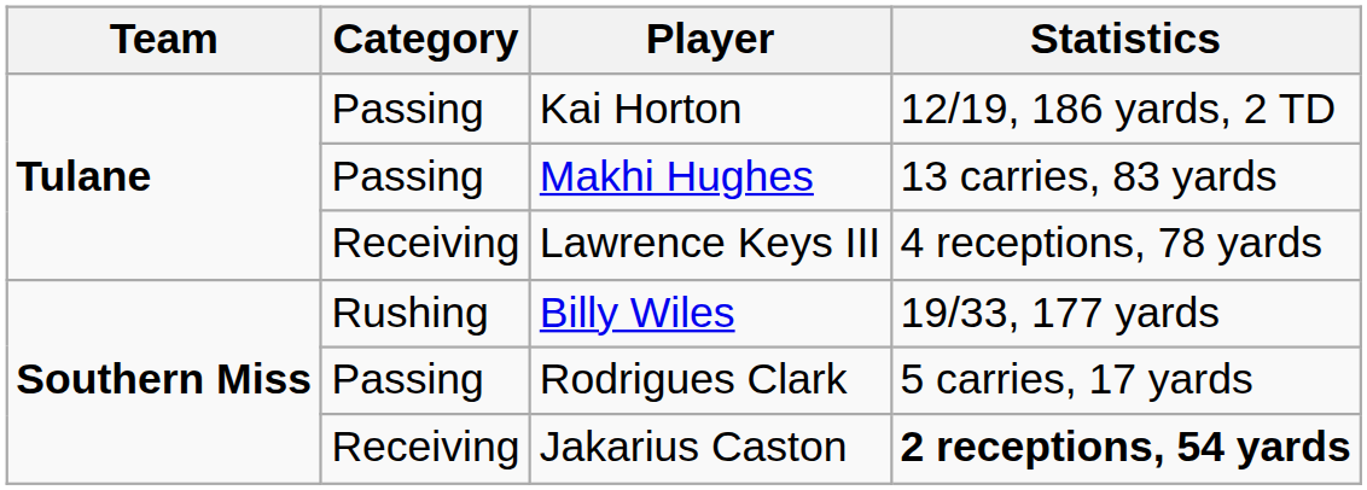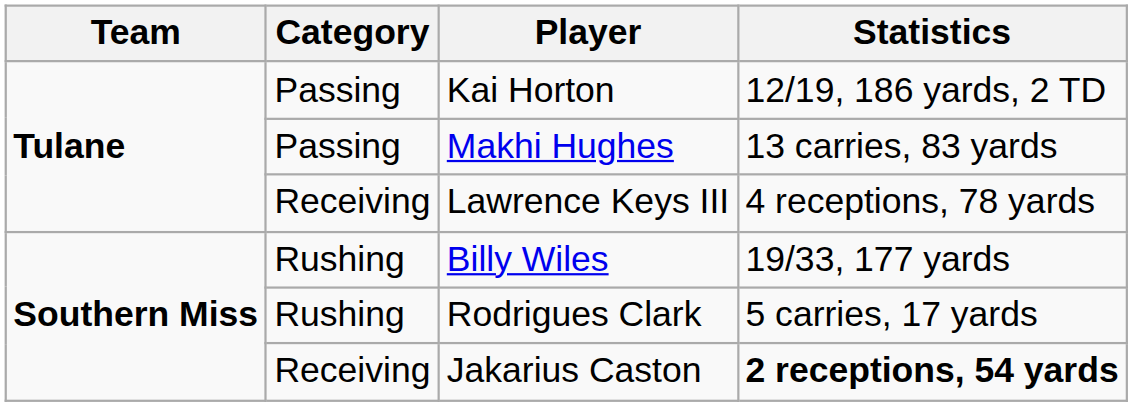 <table class="wikitable" style="float: right;">
 <tr>
 <th>Team</th>
 <th>Category</th>
 <th>Player</th>
 <th>Statistics</th>
 </tr>
 <tr>
 <td rowspan=3><strong>Tulane</strong></td>
 <td>Passing</td>
 <td>Kai Horton</td>
 <td>12/19, 186  yards, 2 TD</td>
 </tr>
 <tr>
 <td>Passing</td>
 <td><a href='#'>Makhi Hughes</a></td>
 <td>13 carries, 83 yards</td>
 </tr>
 <tr>
 <td>Receiving</td>
 <td>Lawrence Keys III</td>
 <td>4 receptions, 78 yards</td>
 </tr>
 <tr>
 <td rowspan=3><strong>Southern Miss</strong></td>
 <td>Rushing</td>
 <td><a href='#'>Billy Wiles</a></td>
 <td>19/33, 177 yards</td>
 </tr>
 <tr>
-<td>Passing</td>
+<td>Rushing</td>
 <td>Rodrigues Clark</td>
 <td>5 carries, 17 yards</td>
 </tr>
 <tr>
 <td>Receiving</td>
 <td>Jakarius Caston</td>
 <td><strong>2 receptions, 54 yards</strong></td>
 </tr>
 </table>
